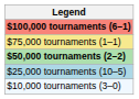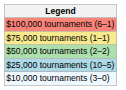 <table class="wikitable" style="font-size:85%;">
 <tr>
 <th>Legend</th>
 </tr>
 <tr style="background:#f88379;">
-<td><strong>$100,000 tournaments (6–1)</strong></td>
+<td>$100,000 tournaments (6–1)</td>
 </tr>
 <tr style="background:#f7e98e;">
 <td>$75,000 tournaments (1–1)</td>
 </tr>
 <tr style="background:#addfad;">
-<td><strong>$50,000 tournaments (2–2)</strong></td>
+<td>$50,000 tournaments (2–2)</td>
 </tr>
 <tr style="background:lightblue;">
 <td>$25,000 tournaments (10–5)</td>
 </tr>
 <tr style="background:#f0f8ff;">
 <td>$10,000 tournaments (3–0)</td>
 </tr>
 </table>
